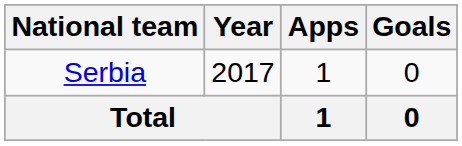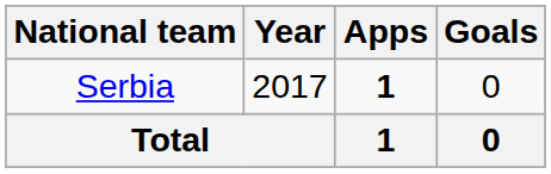 <table class="wikitable" style="text-align:center">
 <tr>
 <th>National team</th>
 <th>Year</th>
 <th>Apps</th>
 <th>Goals</th>
 </tr>
 <tr>
 <td><a href='#'>Serbia</a></td>
 <td>2017</td>
-<td>1</td>
+<td><strong>1</strong></td>
 <td>0</td>
 </tr>
 <tr>
 <th colspan="2">Total</th>
 <th>1</th>
 <th>0</th>
 </tr>
 </table>
